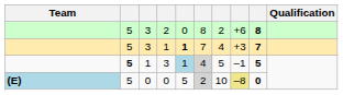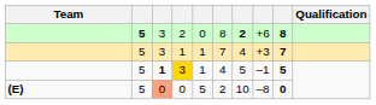 <table class="wikitable" style="text-align:center">
 <tr>
 <th width=165>Team</th>
 <th width=20></th>
 <th width=20></th>
 <th width=20></th>
 <th width=20></th>
 <th width=20></th>
 <th width=20></th>
 <th width=20></th>
 <th width=20></th>
 <th>Qualification</th>
 </tr>
 <tr bgcolor="#ccffcc">
 <td align="left"></td>
-<td>5</td>
+<td><strong>5</strong></td>
 <td>3</td>
 <td>2</td>
 <td>0</td>
 <td>8</td>
-<td>2</td>
+<td><strong>2</strong></td>
 <td>+6</td>
 <td><strong>8</strong></td>
 <td></td>
 </tr>
 <tr bgcolor="#ffebad">
 <td align="left"></td>
 <td>5</td>
 <td>3</td>
 <td>1</td>
-<td><strong>1</strong></td>
+<td>1</td>
 <td>7</td>
 <td>4</td>
 <td>+3</td>
 <td><strong>7</strong></td>
 <td></td>
 </tr>
 <tr>
 <td align="left"></td>
-<td><strong>5</strong></td>
+<td>5</td>
+<td><strong>1</strong></td>
+<td style="background: gold;">3</td>
 <td>1</td>
-<td>3</td>
-<td style="background: lightblue;">1</td>
-<td style="background: lightgrey;">4</td>
+<td>4</td>
 <td>5</td>
 <td>–1</td>
 <td><strong>5</strong></td>
 </tr>
 <tr>
-<td align="left" style="background: lightblue;"> <strong>(E)</strong></td>
+<td align="left"> <strong>(E)</strong></td>
 <td>5</td>
-<td>0</td>
+<td style="background: lightsalmon;">0</td>
 <td>0</td>
 <td>5</td>
-<td style="background: lightgrey;">2</td>
+<td>2</td>
 <td>10</td>
-<td style="background: khaki;">–8</td>
+<td>–8</td>
 <td><strong>0</strong></td>
 </tr>
 </table>
